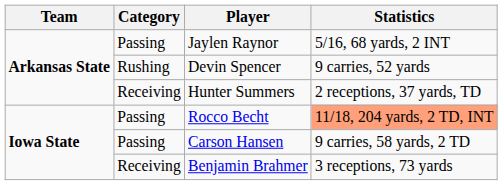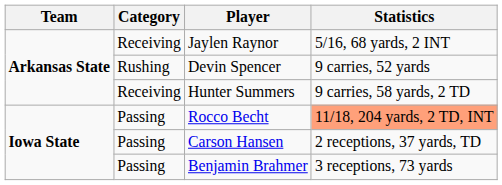 <table class="wikitable" style="float: right;">
 <tr>
 <th>Team</th>
 <th>Category</th>
 <th>Player</th>
 <th>Statistics</th>
 </tr>
 <tr>
 <td rowspan=3><strong>Arkansas State</strong></td>
-<td>Passing</td>
+<td>Receiving</td>
 <td>Jaylen Raynor</td>
 <td>5/16, 68 yards, 2 INT</td>
 </tr>
 <tr>
 <td>Rushing</td>
 <td>Devin Spencer</td>
 <td>9 carries, 52 yards</td>
 </tr>
 <tr>
 <td>Receiving</td>
 <td>Hunter Summers</td>
-<td>2 receptions, 37 yards, TD</td>
+<td>9 carries, 58 yards, 2 TD</td>
 </tr>
 <tr>
 <td rowspan=3><strong>Iowa State</strong></td>
 <td>Passing</td>
 <td><a href='#'>Rocco Becht</a></td>
 <td style="background: lightsalmon;">11/18, 204 yards, 2 TD, INT</td>
 </tr>
 <tr>
 <td>Passing</td>
 <td><a href='#'>Carson Hansen</a></td>
-<td>9 carries, 58 yards, 2 TD</td>
+<td>2 receptions, 37 yards, TD</td>
 </tr>
 <tr>
-<td>Receiving</td>
+<td>Passing</td>
 <td><a href='#'>Benjamin Brahmer</a></td>
 <td>3 receptions, 73 yards</td>
 </tr>
 </table>
